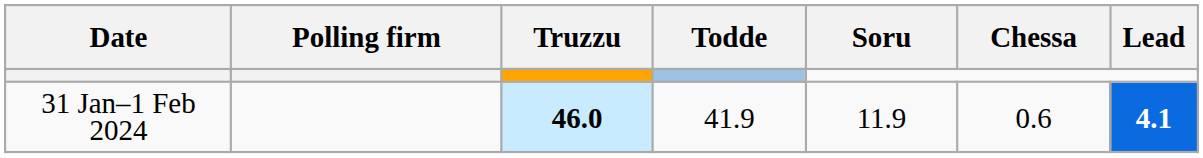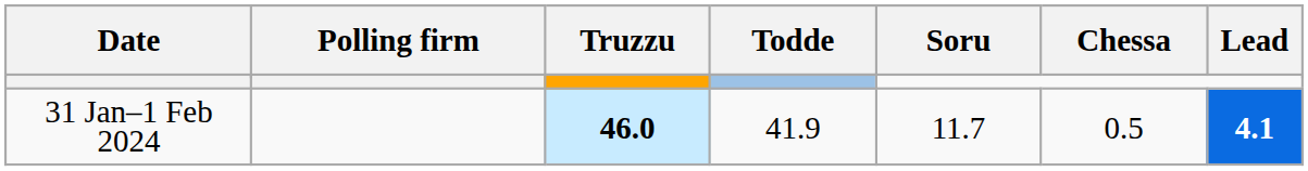 <table class="wikitable collapsible collapsed" style="text-align:center;font-size:85%;line-height:13px">
 <tr style="height:30px; background-color:#E9E9E9">
 <th style="width:100px;" rowspan="2">Date</th>
 <th style="width:120px;" rowspan="2">Polling firm</th>
 <th style="width:65px;">Truzzu</th>
 <th style="width:65px;">Todde</th>
 <th style="width:65px;">Soru</th>
 <th style="width:65px;">Chessa</th>
 <th style="width:35px;" rowspan="2">Lead</th>
 </tr>
 <tr>
 </tr>
 <tr>
 <th style="background:"></th>
 <th style="background:"></th>
 <th style="background-color:#FFA500"></th>
 <th style="background-color:#9cc2e6"></th>
 </tr>
 <tr>
 <td>31 Jan–1 Feb 2024</td>
 <td></td>
 <td style="background:#C8EBFF"><strong>46.0</strong></td>
 <td>41.9</td>
-<td>11.9</td>
-<td>0.6</td>
+<td>11.7</td>
+<td>0.5</td>
 <td style="background:#0A6BE1; color:white;"><strong>4.1</strong></td>
 </tr>
 </table>
